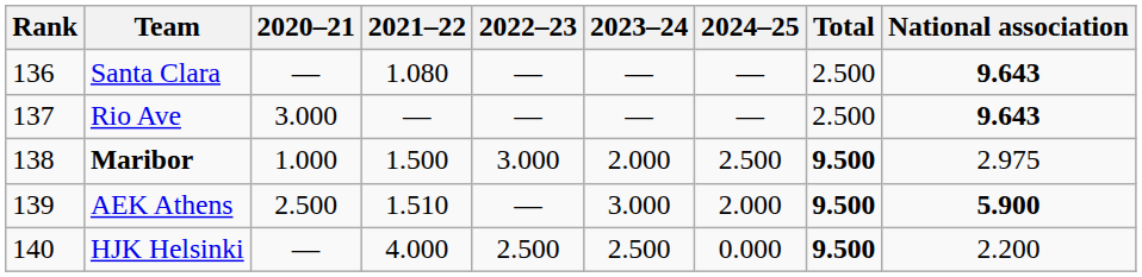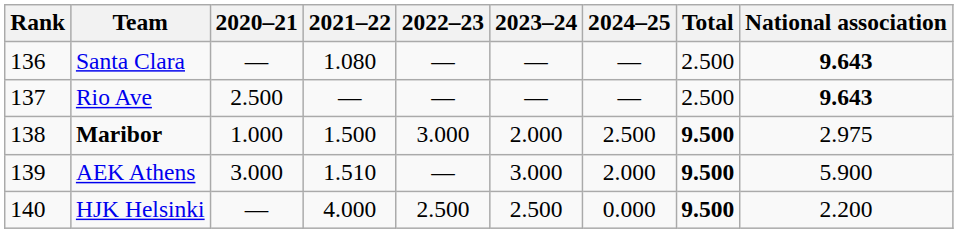 <table class="wikitable" style="text-align: left;">
 <tr>
 <th>Rank</th>
 <th>Team</th>
 <th>2020–21</th>
 <th>2021–22</th>
 <th>2022–23</th>
 <th>2023–24</th>
 <th>2024–25</th>
 <th>Total</th>
 <th>National association</th>
 </tr>
 <tr>
 <td>136</td>
 <td> <a href='#'>Santa Clara</a></td>
 <td style="text-align:center;">—</td>
 <td style="text-align:center;">1.080</td>
 <td style="text-align:center;">—</td>
 <td style="text-align:center;">—</td>
 <td style="text-align:center;">—</td>
 <td style="text-align:center;">2.500</td>
 <td style="text-align:center;"><strong>9.643</strong></td>
 </tr>
 <tr>
 <td>137</td>
 <td> <a href='#'>Rio Ave</a></td>
-<td style="text-align:center;">3.000</td>
+<td style="text-align:center;">2.500</td>
 <td style="text-align:center;">—</td>
 <td style="text-align:center;">—</td>
 <td style="text-align:center;">—</td>
 <td style="text-align:center;">—</td>
 <td style="text-align:center;">2.500</td>
 <td style="text-align:center;"><strong>9.643</strong></td>
 </tr>
 <tr>
 <td>138</td>
 <td> <strong>Maribor</strong></td>
 <td style="text-align:center;">1.000</td>
 <td style="text-align:center;">1.500</td>
 <td style="text-align:center;">3.000</td>
 <td style="text-align:center;">2.000</td>
 <td style="text-align:center;">2.500</td>
 <td style="text-align:center;"><strong>9.500</strong></td>
 <td style="text-align:center;">2.975</td>
 </tr>
 <tr>
 <td>139</td>
 <td> <a href='#'>AEK Athens</a></td>
-<td style="text-align:center;">2.500</td>
+<td style="text-align:center;">3.000</td>
 <td style="text-align:center;">1.510</td>
 <td style="text-align:center;">—</td>
 <td style="text-align:center;">3.000</td>
 <td style="text-align:center;">2.000</td>
 <td style="text-align:center;"><strong>9.500</strong></td>
-<td style="text-align:center;"><strong>5.900</strong></td>
+<td style="text-align:center;">5.900</td>
 </tr>
 <tr>
 <td>140</td>
 <td> <a href='#'>HJK Helsinki</a></td>
 <td style="text-align:center;">—</td>
 <td style="text-align:center;">4.000</td>
 <td style="text-align:center;">2.500</td>
 <td style="text-align:center;">2.500</td>
 <td style="text-align:center;">0.000</td>
 <td style="text-align:center;"><strong>9.500</strong></td>
 <td style="text-align:center;">2.200</td>
 </tr>
 </table>
